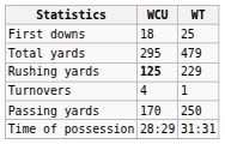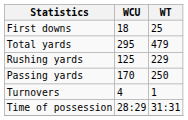 <table class="wikitable">
 <tr>
 <th>Statistics</th>
 <th>WCU</th>
 <th>WT</th>
 </tr>
 <tr>
 <td>First downs</td>
 <td>18</td>
 <td>25</td>
 </tr>
 <tr>
 <td>Total yards</td>
 <td>295</td>
 <td>479</td>
 </tr>
 <tr>
 <td>Rushing yards</td>
-<td><strong>125</strong></td>
+<td>125</td>
 <td>229</td>
+</tr>
+<tr>
+<td>Passing yards</td>
+<td>170</td>
+<td>250</td>
 </tr>
 <tr>
 <td>Turnovers</td>
 <td>4</td>
 <td>1</td>
-</tr>
-<tr>
-<td>Passing yards</td>
-<td>170</td>
-<td>250</td>
 </tr>
 <tr>
 <td>Time of possession</td>
 <td>28:29</td>
 <td>31:31</td>
 </tr>
 <tr>
 </tr>
 </table>
